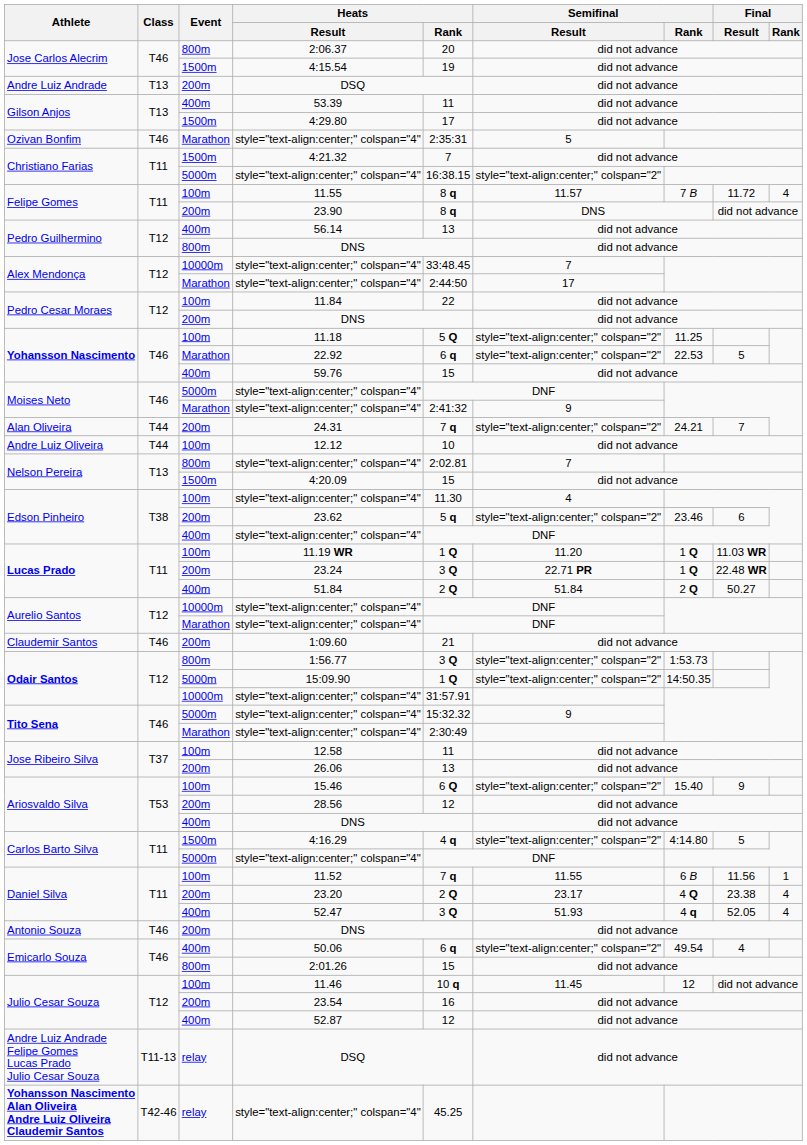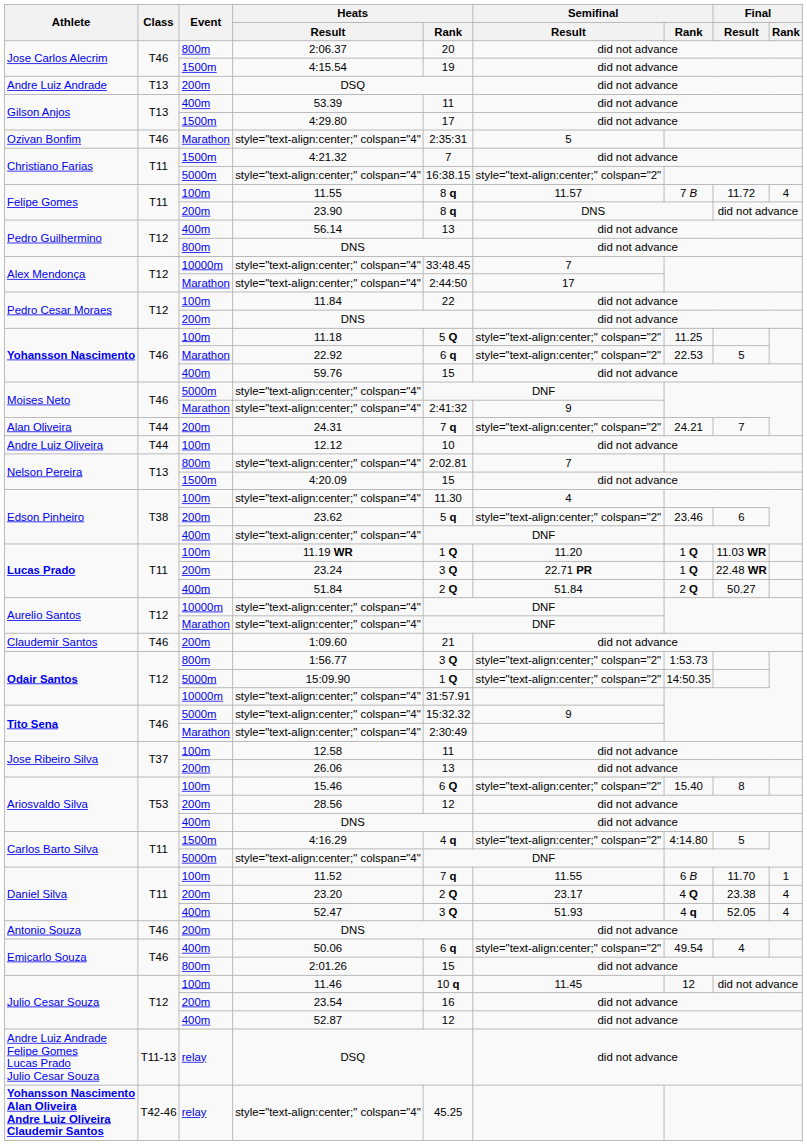 <table class=wikitable style="font-size:90%">
 <tr>
 <th rowspan="2">Athlete</th>
 <th rowspan="2">Class</th>
 <th rowspan="2">Event</th>
 <th colspan="2">Heats</th>
 <th colspan="2">Semifinal</th>
 <th colspan="2">Final</th>
 </tr>
 <tr>
 <th>Result</th>
 <th>Rank</th>
 <th>Result</th>
 <th>Rank</th>
 <th>Result</th>
 <th>Rank</th>
 </tr>
 <tr>
 <td rowspan="2"><a href='#'>Jose Carlos Alecrim</a></td>
 <td rowspan="2" style="text-align:center;">T46</td>
 <td><a href='#'>800m</a></td>
 <td style="text-align:center;">2:06.37</td>
 <td style="text-align:center;">20</td>
 <td style="text-align:center;" colspan="4">did not advance</td>
 </tr>
 <tr>
 <td><a href='#'>1500m</a></td>
 <td style="text-align:center;">4:15.54</td>
 <td style="text-align:center;">19</td>
 <td style="text-align:center;" colspan="4">did not advance</td>
 </tr>
 <tr>
 <td><a href='#'>Andre Luiz Andrade</a></td>
 <td style="text-align:center;">T13</td>
 <td><a href='#'>200m</a></td>
 <td style="text-align:center;" colspan="2">DSQ</td>
 <td style="text-align:center;" colspan="4">did not advance</td>
 </tr>
 <tr>
 <td rowspan="2"><a href='#'>Gilson Anjos</a></td>
 <td rowspan="2" style="text-align:center;">T13</td>
 <td><a href='#'>400m</a></td>
 <td style="text-align:center;">53.39</td>
 <td style="text-align:center;">11</td>
 <td style="text-align:center;" colspan="4">did not advance</td>
 </tr>
 <tr>
 <td><a href='#'>1500m</a></td>
 <td style="text-align:center;">4:29.80</td>
 <td style="text-align:center;">17</td>
 <td style="text-align:center;" colspan="4">did not advance</td>
 </tr>
 <tr>
 <td><a href='#'>Ozivan Bonfim</a></td>
 <td style="text-align:center;">T46</td>
 <td><a href='#'>Marathon</a></td>
 <td>style="text-align:center;" colspan="4" </td>
 <td style="text-align:center;">2:35:31</td>
 <td style="text-align:center;">5</td>
 </tr>
 <tr>
 <td rowspan="2"><a href='#'>Christiano Farias</a></td>
 <td rowspan="2" style="text-align:center;">T11</td>
 <td><a href='#'>1500m</a></td>
 <td style="text-align:center;">4:21.32</td>
 <td style="text-align:center;">7</td>
 <td style="text-align:center;" colspan="4">did not advance</td>
 </tr>
 <tr>
 <td><a href='#'>5000m</a></td>
 <td>style="text-align:center;" colspan="4" </td>
 <td style="text-align:center;">16:38.15</td>
 <td>style="text-align:center;" colspan="2" </td>
 </tr>
 <tr>
 <td rowspan="2"><a href='#'>Felipe Gomes</a></td>
 <td rowspan="2" style="text-align:center;">T11</td>
 <td><a href='#'>100m</a></td>
 <td style="text-align:center;">11.55</td>
 <td style="text-align:center;">8 <strong>q</strong></td>
 <td style="text-align:center;">11.57</td>
 <td style="text-align:center;">7 <em>B</em></td>
 <td style="text-align:center;">11.72</td>
 <td style="text-align:center;">4</td>
 </tr>
 <tr>
 <td><a href='#'>200m</a></td>
 <td style="text-align:center;">23.90</td>
 <td style="text-align:center;">8 <strong>q</strong></td>
 <td style="text-align:center;" colspan="2">DNS</td>
 <td style="text-align:center;" colspan="2">did not advance</td>
 </tr>
 <tr>
 <td rowspan="2"><a href='#'>Pedro Guilhermino</a></td>
 <td rowspan="2" style="text-align:center;">T12</td>
 <td><a href='#'>400m</a></td>
 <td style="text-align:center;">56.14</td>
 <td style="text-align:center;">13</td>
 <td style="text-align:center;" colspan="4">did not advance</td>
 </tr>
 <tr>
 <td><a href='#'>800m</a></td>
 <td style="text-align:center;" colspan="2">DNS</td>
 <td style="text-align:center;" colspan="4">did not advance</td>
 </tr>
 <tr>
 <td rowspan="2"><a href='#'>Alex Mendonça</a></td>
 <td rowspan="2" style="text-align:center;">T12</td>
 <td><a href='#'>10000m</a></td>
 <td>style="text-align:center;" colspan="4" </td>
 <td style="text-align:center;">33:48.45</td>
 <td style="text-align:center;">7</td>
 </tr>
 <tr>
 <td><a href='#'>Marathon</a></td>
 <td>style="text-align:center;" colspan="4" </td>
 <td style="text-align:center;">2:44:50</td>
 <td style="text-align:center;">17</td>
 </tr>
 <tr>
 <td rowspan="2"><a href='#'>Pedro Cesar Moraes</a></td>
 <td rowspan="2" style="text-align:center;">T12</td>
 <td><a href='#'>100m</a></td>
 <td style="text-align:center;">11.84</td>
 <td style="text-align:center;">22</td>
 <td style="text-align:center;" colspan="4">did not advance</td>
 </tr>
 <tr>
 <td><a href='#'>200m</a></td>
 <td style="text-align:center;" colspan="2">DNS</td>
 <td style="text-align:center;" colspan="4">did not advance</td>
 </tr>
 <tr>
 <td rowspan="3"><strong><a href='#'>Yohansson Nascimento</a></strong></td>
 <td rowspan="3" style="text-align:center;">T46</td>
 <td><a href='#'>100m</a></td>
 <td style="text-align:center;">11.18</td>
 <td style="text-align:center;">5 <strong>Q</strong></td>
 <td>style="text-align:center;" colspan="2" </td>
 <td style="text-align:center;">11.25</td>
 <td style="text-align:center;"></td>
 </tr>
 <tr>
 <td><a href='#'>Marathon</a></td>
 <td style="text-align:center;">22.92</td>
 <td style="text-align:center;">6 <strong>q</strong></td>
 <td>style="text-align:center;" colspan="2" </td>
 <td style="text-align:center;">22.53</td>
 <td style="text-align:center;">5</td>
 </tr>
 <tr>
 <td><a href='#'>400m</a></td>
 <td style="text-align:center;">59.76</td>
 <td style="text-align:center;">15</td>
 <td style="text-align:center;" colspan="4">did not advance</td>
 </tr>
 <tr>
 <td rowspan="2"><a href='#'>Moises Neto</a></td>
 <td rowspan="2" style="text-align:center;">T46</td>
 <td><a href='#'>5000m</a></td>
 <td>style="text-align:center;" colspan="4" </td>
 <td style="text-align:center;" colspan="2">DNF</td>
 </tr>
 <tr>
 <td><a href='#'>Marathon</a></td>
 <td>style="text-align:center;" colspan="4" </td>
 <td style="text-align:center;">2:41:32</td>
 <td style="text-align:center;">9</td>
 </tr>
 <tr>
 <td><a href='#'>Alan Oliveira</a></td>
 <td style="text-align:center;">T44</td>
 <td><a href='#'>200m</a></td>
 <td style="text-align:center;">24.31</td>
 <td style="text-align:center;">7 <strong>q</strong></td>
 <td>style="text-align:center;" colspan="2" </td>
 <td style="text-align:center;">24.21</td>
 <td style="text-align:center;">7</td>
 </tr>
 <tr>
 <td><a href='#'>Andre Luiz Oliveira</a></td>
 <td style="text-align:center;">T44</td>
 <td><a href='#'>100m</a></td>
 <td style="text-align:center;">12.12</td>
 <td style="text-align:center;">10</td>
 <td style="text-align:center;" colspan="4">did not advance</td>
 </tr>
 <tr>
 <td rowspan="2"><a href='#'>Nelson Pereira</a></td>
 <td rowspan="2" style="text-align:center;">T13</td>
 <td><a href='#'>800m</a></td>
 <td>style="text-align:center;" colspan="4" </td>
 <td style="text-align:center;">2:02.81</td>
 <td style="text-align:center;">7</td>
 </tr>
 <tr>
 <td><a href='#'>1500m</a></td>
 <td style="text-align:center;">4:20.09</td>
 <td style="text-align:center;">15</td>
 <td style="text-align:center;" colspan="4">did not advance</td>
 </tr>
 <tr>
 <td rowspan="3"><a href='#'>Edson Pinheiro</a></td>
 <td rowspan="3" style="text-align:center;">T38</td>
 <td><a href='#'>100m</a></td>
 <td>style="text-align:center;" colspan="4" </td>
 <td style="text-align:center;">11.30</td>
 <td style="text-align:center;">4</td>
 </tr>
 <tr>
 <td><a href='#'>200m</a></td>
 <td style="text-align:center;">23.62</td>
 <td style="text-align:center;">5 <strong>q</strong></td>
 <td>style="text-align:center;" colspan="2" </td>
 <td style="text-align:center;">23.46</td>
 <td style="text-align:center;">6</td>
 </tr>
 <tr>
 <td><a href='#'>400m</a></td>
 <td>style="text-align:center;" colspan="4" </td>
 <td style="text-align:center;" colspan="2">DNF</td>
 </tr>
 <tr>
 <td rowspan="3"><strong><a href='#'>Lucas Prado</a></strong></td>
 <td rowspan="3" style="text-align:center;">T11</td>
 <td><a href='#'>100m</a></td>
 <td style="text-align:center;">11.19 <strong>WR</strong></td>
 <td style="text-align:center;">1 <strong>Q</strong></td>
 <td style="text-align:center;">11.20</td>
 <td style="text-align:center;">1 <strong>Q</strong></td>
 <td style="text-align:center;">11.03 <strong>WR</strong></td>
 <td style="text-align:center;"></td>
 </tr>
 <tr>
 <td><a href='#'>200m</a></td>
 <td style="text-align:center;">23.24</td>
 <td style="text-align:center;">3 <strong>Q</strong></td>
 <td style="text-align:center;">22.71 <strong>PR</strong></td>
 <td style="text-align:center;">1 <strong>Q</strong></td>
 <td style="text-align:center;">22.48 <strong>WR</strong></td>
 <td style="text-align:center;"></td>
 </tr>
 <tr>
 <td><a href='#'>400m</a></td>
 <td style="text-align:center;">51.84</td>
 <td style="text-align:center;">2 <strong>Q</strong></td>
 <td style="text-align:center;">51.84</td>
 <td style="text-align:center;">2 <strong>Q</strong></td>
 <td style="text-align:center;">50.27</td>
 <td style="text-align:center;"></td>
 </tr>
 <tr>
 <td rowspan="2"><a href='#'>Aurelio Santos</a></td>
 <td rowspan="2" style="text-align:center;">T12</td>
 <td><a href='#'>10000m</a></td>
 <td>style="text-align:center;" colspan="4" </td>
 <td style="text-align:center;" colspan="2">DNF</td>
 </tr>
 <tr>
 <td><a href='#'>Marathon</a></td>
 <td>style="text-align:center;" colspan="4" </td>
 <td style="text-align:center;" colspan="2">DNF</td>
 </tr>
 <tr>
 <td><a href='#'>Claudemir Santos</a></td>
 <td style="text-align:center;">T46</td>
 <td><a href='#'>200m</a></td>
 <td style="text-align:center;">1:09.60</td>
 <td style="text-align:center;">21</td>
 <td style="text-align:center;" colspan="4">did not advance</td>
 </tr>
 <tr>
 <td rowspan="3"><strong><a href='#'>Odair Santos</a></strong></td>
 <td rowspan="3" style="text-align:center;">T12</td>
 <td><a href='#'>800m</a></td>
 <td style="text-align:center;">1:56.77</td>
 <td style="text-align:center;">3 <strong>Q</strong></td>
 <td>style="text-align:center;" colspan="2" </td>
 <td style="text-align:center;">1:53.73</td>
 <td style="text-align:center;"></td>
 </tr>
 <tr>
 <td><a href='#'>5000m</a></td>
 <td style="text-align:center;">15:09.90</td>
 <td style="text-align:center;">1 <strong>Q</strong></td>
 <td>style="text-align:center;" colspan="2" </td>
 <td style="text-align:center;">14:50.35</td>
 <td style="text-align:center;"></td>
 </tr>
 <tr>
 <td><a href='#'>10000m</a></td>
 <td>style="text-align:center;" colspan="4" </td>
 <td style="text-align:center;">31:57.91</td>
 <td style="text-align:center;"></td>
 </tr>
 <tr>
 <td rowspan="2"><strong><a href='#'>Tito Sena</a></strong></td>
 <td rowspan="2" style="text-align:center;">T46</td>
 <td><a href='#'>5000m</a></td>
 <td>style="text-align:center;" colspan="4" </td>
 <td style="text-align:center;">15:32.32</td>
 <td style="text-align:center;">9</td>
 </tr>
 <tr>
 <td><a href='#'>Marathon</a></td>
 <td>style="text-align:center;" colspan="4" </td>
 <td style="text-align:center;">2:30:49</td>
 <td style="text-align:center;"></td>
 </tr>
 <tr>
 <td rowspan="2"><a href='#'>Jose Ribeiro Silva</a></td>
 <td rowspan="2" style="text-align:center;">T37</td>
 <td><a href='#'>100m</a></td>
 <td style="text-align:center;">12.58</td>
 <td style="text-align:center;">11</td>
 <td style="text-align:center;" colspan="4">did not advance</td>
 </tr>
 <tr>
 <td><a href='#'>200m</a></td>
 <td style="text-align:center;">26.06</td>
 <td style="text-align:center;">13</td>
 <td style="text-align:center;" colspan="4">did not advance</td>
 </tr>
 <tr>
 <td rowspan="3"><a href='#'>Ariosvaldo Silva</a></td>
 <td rowspan="3" style="text-align:center;">T53</td>
 <td><a href='#'>100m</a></td>
 <td style="text-align:center;">15.46</td>
 <td style="text-align:center;">6 <strong>Q</strong></td>
 <td>style="text-align:center;" colspan="2" </td>
 <td style="text-align:center;">15.40</td>
-<td style="text-align:center;">9</td>
+<td style="text-align:center;">8</td>
 </tr>
 <tr>
 <td><a href='#'>200m</a></td>
 <td style="text-align:center;">28.56</td>
 <td style="text-align:center;">12</td>
 <td style="text-align:center;" colspan="4">did not advance</td>
 </tr>
 <tr>
 <td><a href='#'>400m</a></td>
 <td style="text-align:center;" colspan="2">DNS</td>
 <td style="text-align:center;" colspan="4">did not advance</td>
 </tr>
 <tr>
 <td rowspan="2"><a href='#'>Carlos Barto Silva</a></td>
 <td rowspan="2" style="text-align:center;">T11</td>
 <td><a href='#'>1500m</a></td>
 <td style="text-align:center;">4:16.29</td>
 <td style="text-align:center;">4 <strong>q</strong></td>
 <td>style="text-align:center;" colspan="2" </td>
 <td style="text-align:center;">4:14.80</td>
 <td style="text-align:center;">5</td>
 </tr>
 <tr>
 <td><a href='#'>5000m</a></td>
 <td>style="text-align:center;" colspan="4" </td>
 <td style="text-align:center;" colspan="2">DNF</td>
 </tr>
 <tr>
 <td rowspan="3"><a href='#'>Daniel Silva</a></td>
 <td rowspan="3" style="text-align:center;">T11</td>
 <td><a href='#'>100m</a></td>
 <td style="text-align:center;">11.52</td>
 <td style="text-align:center;">7 <strong>q</strong></td>
 <td style="text-align:center;">11.55</td>
 <td style="text-align:center;">6 <em>B</em></td>
-<td style="text-align:center;">11.56</td>
+<td style="text-align:center;">11.70</td>
 <td style="text-align:center;">1</td>
 </tr>
 <tr>
 <td><a href='#'>200m</a></td>
 <td style="text-align:center;">23.20</td>
 <td style="text-align:center;">2 <strong>Q</strong></td>
 <td style="text-align:center;">23.17</td>
 <td style="text-align:center;">4 <strong>Q</strong></td>
 <td style="text-align:center;">23.38</td>
 <td style="text-align:center;">4</td>
 </tr>
 <tr>
 <td><a href='#'>400m</a></td>
 <td style="text-align:center;">52.47</td>
 <td style="text-align:center;">3 <strong>Q</strong></td>
 <td style="text-align:center;">51.93</td>
 <td style="text-align:center;">4 <strong>q</strong></td>
 <td style="text-align:center;">52.05</td>
 <td style="text-align:center;">4</td>
 </tr>
 <tr>
 <td><a href='#'>Antonio Souza</a></td>
 <td style="text-align:center;">T46</td>
 <td><a href='#'>200m</a></td>
 <td style="text-align:center;" colspan="2">DNS</td>
 <td style="text-align:center;" colspan="4">did not advance</td>
 </tr>
 <tr>
 <td rowspan="2"><a href='#'>Emicarlo Souza</a></td>
 <td rowspan="2" style="text-align:center;">T46</td>
 <td><a href='#'>400m</a></td>
 <td style="text-align:center;">50.06</td>
 <td style="text-align:center;">6 <strong>q</strong></td>
 <td>style="text-align:center;" colspan="2" </td>
 <td style="text-align:center;">49.54</td>
 <td style="text-align:center;">4</td>
 </tr>
 <tr>
 <td><a href='#'>800m</a></td>
 <td style="text-align:center;">2:01.26</td>
 <td style="text-align:center;">15</td>
 <td style="text-align:center;" colspan="4">did not advance</td>
 </tr>
 <tr>
 <td rowspan="3"><a href='#'>Julio Cesar Souza</a></td>
 <td rowspan="3" style="text-align:center;">T12</td>
 <td><a href='#'>100m</a></td>
 <td style="text-align:center;">11.46</td>
 <td style="text-align:center;">10 <strong>q</strong></td>
 <td style="text-align:center;">11.45</td>
 <td style="text-align:center;">12</td>
 <td style="text-align:center;" colspan="2">did not advance</td>
 </tr>
 <tr>
 <td><a href='#'>200m</a></td>
 <td style="text-align:center;">23.54</td>
 <td style="text-align:center;">16</td>
 <td style="text-align:center;" colspan="4">did not advance</td>
 </tr>
 <tr>
 <td><a href='#'>400m</a></td>
 <td style="text-align:center;">52.87</td>
 <td style="text-align:center;">12</td>
 <td style="text-align:center;" colspan="4">did not advance</td>
 </tr>
 <tr>
 <td><a href='#'>Andre Luiz Andrade</a><br> <a href='#'>Felipe Gomes</a><br> <a href='#'>Lucas Prado</a><br> <a href='#'>Julio Cesar Souza</a></td>
 <td style="text-align:center;">T11-13</td>
 <td><a href='#'> relay</a></td>
 <td style="text-align:center;" colspan="2">DSQ</td>
 <td style="text-align:center;" colspan="4">did not advance</td>
 </tr>
 <tr>
 <td><strong><a href='#'>Yohansson Nascimento</a></strong><br> <strong><a href='#'>Alan Oliveira</a></strong><br> <strong><a href='#'>Andre Luiz Oliveira</a></strong><br> <strong><a href='#'>Claudemir Santos</a></strong></td>
 <td style="text-align:center;">T42-46</td>
 <td><a href='#'> relay</a></td>
 <td>style="text-align:center;" colspan="4" </td>
 <td style="text-align:center;">45.25</td>
 <td style="text-align:center;"></td>
 </tr>
 </table>
